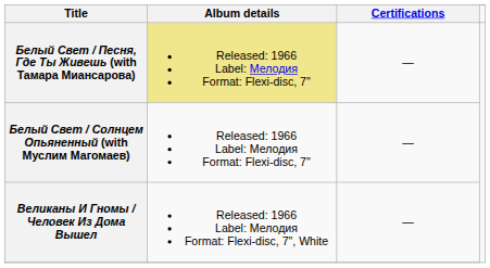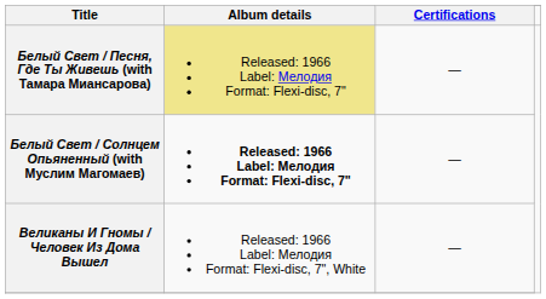 <table class="wikitable plainrowheaders" style="text-align:center;">
 <tr>
 <th scope="col" rowspan="2" style="width:12em;">Title</th>
 <th scope="col" rowspan="2" style="width:16em;">Album details</th>
 <th scope="col" rowspan="2" style="width:12em;"><a href='#'>Certifications</a></th>
 </tr>
 <tr>
 <td></td>
 </tr>
 <tr>
 <th scope="row"><em>Белый Свет / Песня, Где Ты Живешь</em> (with Тамара Миансарова)</th>
 <td style="background: khaki;"><br><ul><li>Released: 1966</li><li>Label: <a href='#'>Мелодия</a></li><li>Format: Flexi-disc, 7"</li></ul></td>
 <td>—</td>
 </tr>
 <tr>
 <th scope="row"><em>Белый Свет / Солнцем Опьяненный</em> (with Муслим Магомаев)</th>
-<td><br><ul><li>Released: 1966</li><li>Label: Мелодия</li><li>Format: Flexi-disc, 7"</li></ul></td>
+<td><strong><br><ul><li>Released: 1966</li><li>Label: Мелодия</li><li>Format: Flexi-disc, 7"</li></ul></strong></td>
 <td>—</td>
 </tr>
 <tr>
 <th scope="row"><em>Великаны И Гномы / Человек Из Дома Вышел</em></th>
 <td><br><ul><li>Released: 1966</li><li>Label: Мелодия</li><li>Format: Flexi-disc, 7", White</li></ul></td>
 <td>—</td>
 </tr>
 <tr>
 </tr>
 <tr |colspan="14" style="font-size:90%"| "—" denotes a recording that did not chart or was not released in that territory.>
 </tr>
 </table>
